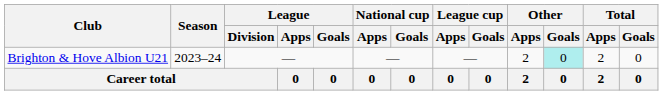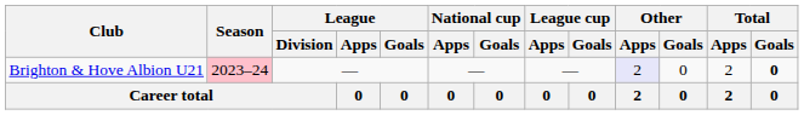 <table class=wikitable style="text-align: center">
 <tr>
 <th rowspan="2">Club</th>
 <th rowspan="2">Season</th>
 <th colspan="3">League</th>
 <th colspan="2">National cup</th>
 <th colspan="2">League cup</th>
 <th colspan="2">Other</th>
 <th colspan="2">Total</th>
 </tr>
 <tr>
 <th>Division</th>
 <th>Apps</th>
 <th>Goals</th>
 <th>Apps</th>
 <th>Goals</th>
 <th>Apps</th>
 <th>Goals</th>
 <th>Apps</th>
 <th>Goals</th>
 <th>Apps</th>
 <th>Goals</th>
 </tr>
 <tr>
 <td><a href='#'>Brighton & Hove Albion U21</a></td>
-<td>2023–24</td>
+<td style="background: pink;">2023–24</td>
 <td colspan="3">—</td>
 <td colspan="2">—</td>
 <td colspan="2">—</td>
+<td style="background: lavender;">2</td>
+<td>0</td>
 <td>2</td>
-<td style="background: paleturquoise;">0</td>
-<td>2</td>
-<td>0</td>
+<td><strong>0</strong></td>
 </tr>
 <tr>
 <th colspan="3">Career total</th>
 <th>0</th>
 <th>0</th>
 <th>0</th>
 <th>0</th>
 <th>0</th>
 <th>0</th>
 <th>2</th>
 <th>0</th>
 <th>2</th>
 <th>0</th>
 </tr>
 </table>
